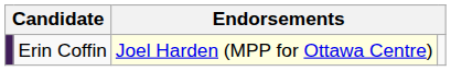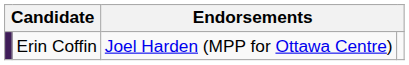 <table class="wikitable">
 <tr>
 <th colspan="2" align="center">Candidate</th>
 <th colspan="2" align="center">Endorsements</th>
 </tr>
 <tr>
 <td style="background-color:#3F1D58;"></td>
 <td style="text-align:left;">Erin Coffin</td>
-<td style="background: lightyellow;"><a href='#'>Joel Harden</a> (MPP for <a href='#'>Ottawa Centre</a>)</td>
+<td><a href='#'>Joel Harden</a> (MPP for <a href='#'>Ottawa Centre</a>)</td>
 <td></td>
 </tr>
 </table>
